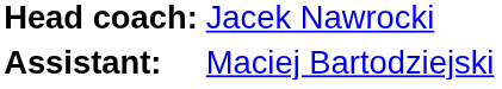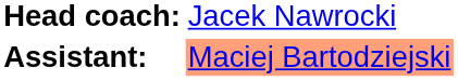 <table>
 <tr>
 <td><strong>Head coach:</strong></td>
 <td><a href='#'>Jacek Nawrocki</a></td>
 </tr>
 <tr>
 <td><strong>Assistant:</strong></td>
-<td><a href='#'>Maciej Bartodziejski</a></td>
+<td style="background: lightsalmon;"><a href='#'>Maciej Bartodziejski</a></td>
 </tr>
 <tr>
 </tr>
 </table>
